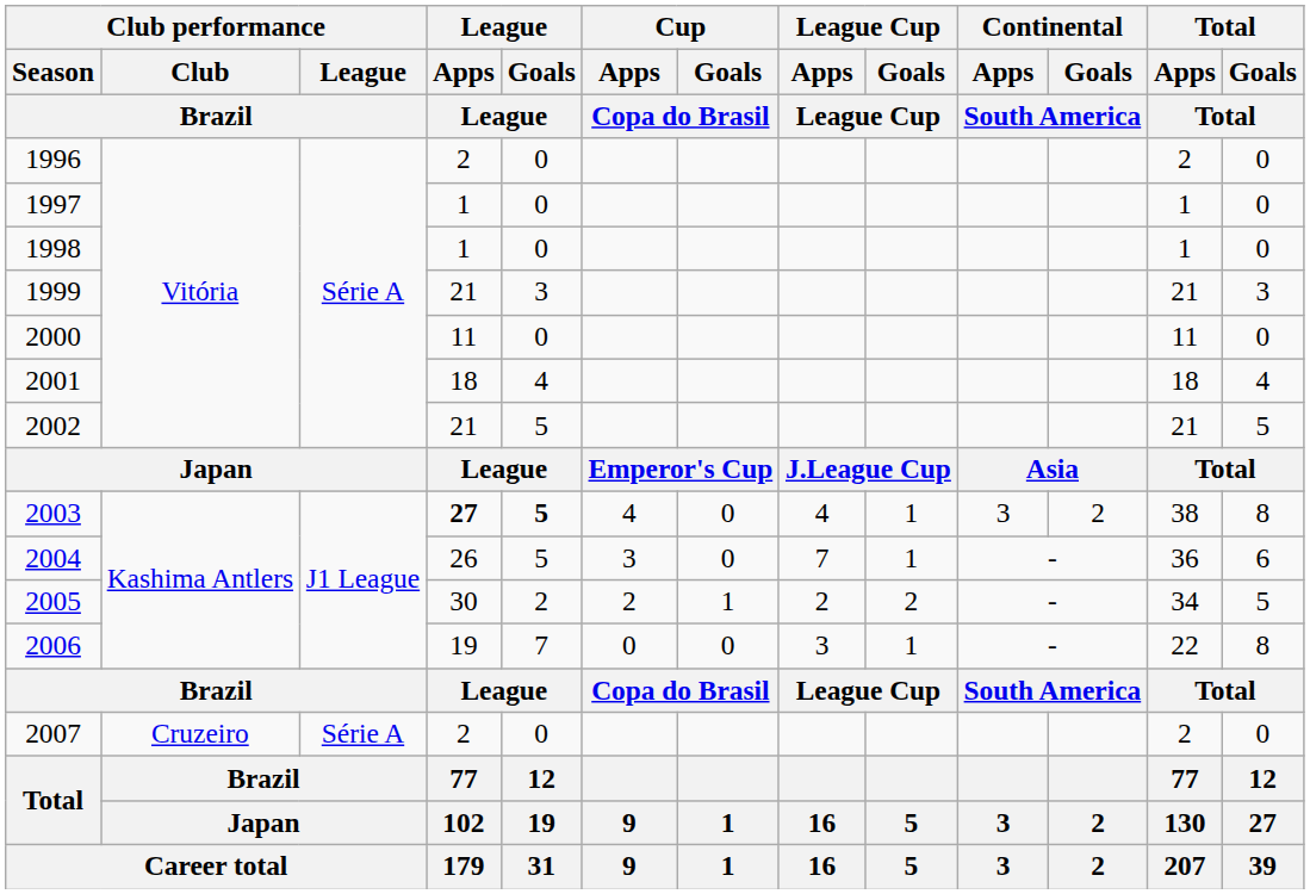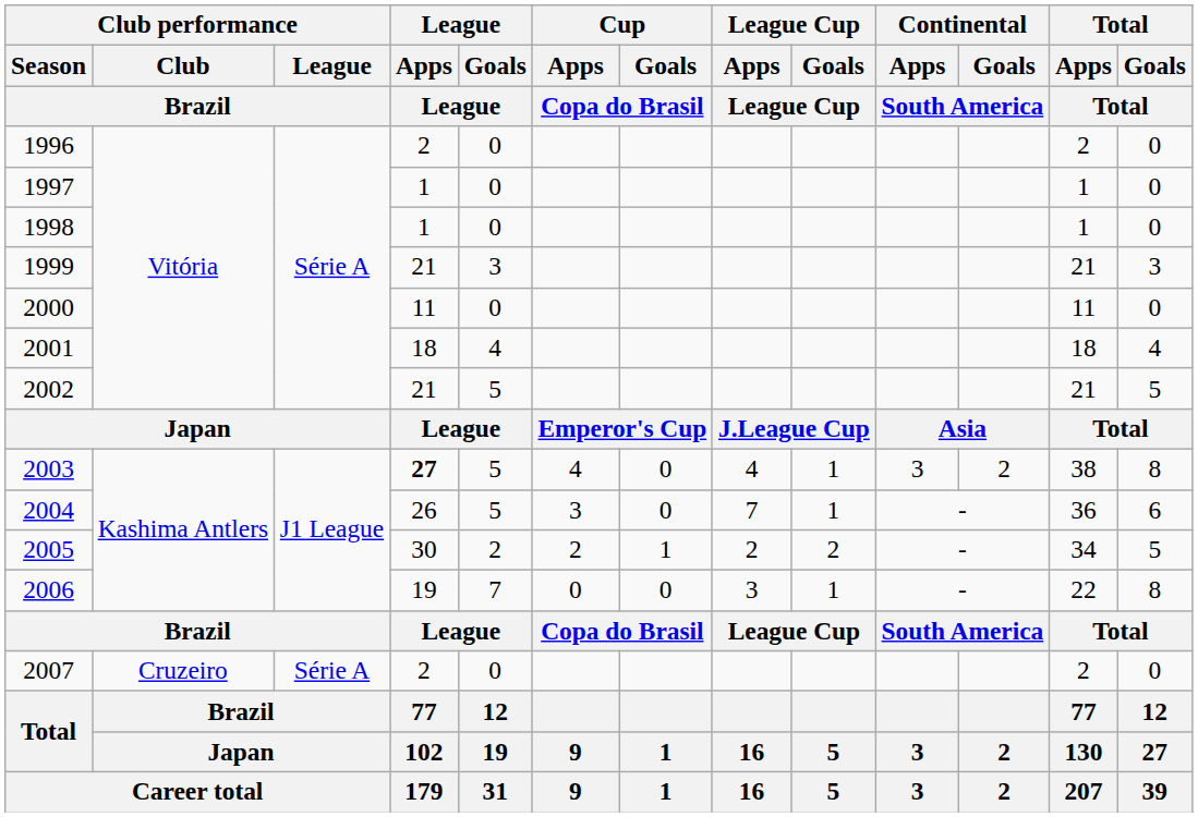 <table class="wikitable" style="text-align:center">
 <tr>
 <th colspan=3>Club performance</th>
 <th colspan=2>League</th>
 <th colspan=2>Cup</th>
 <th colspan=2>League Cup</th>
 <th colspan=2>Continental</th>
 <th colspan=2>Total</th>
 </tr>
 <tr>
 <th>Season</th>
 <th>Club</th>
 <th>League</th>
 <th>Apps</th>
 <th>Goals</th>
 <th>Apps</th>
 <th>Goals</th>
 <th>Apps</th>
 <th>Goals</th>
 <th>Apps</th>
 <th>Goals</th>
 <th>Apps</th>
 <th>Goals</th>
 </tr>
 <tr>
 <th colspan=3>Brazil</th>
 <th colspan=2>League</th>
 <th colspan=2><a href='#'>Copa do Brasil</a></th>
 <th colspan=2>League Cup</th>
 <th colspan=2><a href='#'>South America</a></th>
 <th colspan=2>Total</th>
 </tr>
 <tr>
 <td>1996</td>
 <td rowspan="7"><a href='#'>Vitória</a></td>
 <td rowspan="7"><a href='#'>Série A</a></td>
 <td>2</td>
 <td>0</td>
 <td></td>
 <td></td>
 <td></td>
 <td></td>
 <td></td>
 <td></td>
 <td>2</td>
 <td>0</td>
 </tr>
 <tr>
 <td>1997</td>
 <td>1</td>
 <td>0</td>
 <td></td>
 <td></td>
 <td></td>
 <td></td>
 <td></td>
 <td></td>
 <td>1</td>
 <td>0</td>
 </tr>
 <tr>
 <td>1998</td>
 <td>1</td>
 <td>0</td>
 <td></td>
 <td></td>
 <td></td>
 <td></td>
 <td></td>
 <td></td>
 <td>1</td>
 <td>0</td>
 </tr>
 <tr>
 <td>1999</td>
 <td>21</td>
 <td>3</td>
 <td></td>
 <td></td>
 <td></td>
 <td></td>
 <td></td>
 <td></td>
 <td>21</td>
 <td>3</td>
 </tr>
 <tr>
 <td>2000</td>
 <td>11</td>
 <td>0</td>
 <td></td>
 <td></td>
 <td></td>
 <td></td>
 <td></td>
 <td></td>
 <td>11</td>
 <td>0</td>
 </tr>
 <tr>
 <td>2001</td>
 <td>18</td>
 <td>4</td>
 <td></td>
 <td></td>
 <td></td>
 <td></td>
 <td></td>
 <td></td>
 <td>18</td>
 <td>4</td>
 </tr>
 <tr>
 <td>2002</td>
 <td>21</td>
 <td>5</td>
 <td></td>
 <td></td>
 <td></td>
 <td></td>
 <td></td>
 <td></td>
 <td>21</td>
 <td>5</td>
 </tr>
 <tr>
 <th colspan=3>Japan</th>
 <th colspan=2>League</th>
 <th colspan=2><a href='#'>Emperor's Cup</a></th>
 <th colspan=2><a href='#'>J.League Cup</a></th>
 <th colspan=2><a href='#'>Asia</a></th>
 <th colspan=2>Total</th>
 </tr>
 <tr>
 <td><a href='#'>2003</a></td>
 <td rowspan="4"><a href='#'>Kashima Antlers</a></td>
 <td rowspan="4"><a href='#'>J1 League</a></td>
 <td><strong>27</strong></td>
-<td><strong>5</strong></td>
+<td>5</td>
 <td>4</td>
 <td>0</td>
 <td>4</td>
 <td>1</td>
 <td>3</td>
 <td>2</td>
 <td>38</td>
 <td>8</td>
 </tr>
 <tr>
 <td><a href='#'>2004</a></td>
 <td>26</td>
 <td>5</td>
 <td>3</td>
 <td>0</td>
 <td>7</td>
 <td>1</td>
 <td colspan="2">-</td>
 <td>36</td>
 <td>6</td>
 </tr>
 <tr>
 <td><a href='#'>2005</a></td>
 <td>30</td>
 <td>2</td>
 <td>2</td>
 <td>1</td>
 <td>2</td>
 <td>2</td>
 <td colspan="2">-</td>
 <td>34</td>
 <td>5</td>
 </tr>
 <tr>
 <td><a href='#'>2006</a></td>
 <td>19</td>
 <td>7</td>
 <td>0</td>
 <td>0</td>
 <td>3</td>
 <td>1</td>
 <td colspan="2">-</td>
 <td>22</td>
 <td>8</td>
 </tr>
 <tr>
 <th colspan=3>Brazil</th>
 <th colspan=2>League</th>
 <th colspan=2><a href='#'>Copa do Brasil</a></th>
 <th colspan=2>League Cup</th>
 <th colspan=2><a href='#'>South America</a></th>
 <th colspan=2>Total</th>
 </tr>
 <tr>
 <td>2007</td>
 <td><a href='#'>Cruzeiro</a></td>
 <td><a href='#'>Série A</a></td>
 <td>2</td>
 <td>0</td>
 <td></td>
 <td></td>
 <td></td>
 <td></td>
 <td></td>
 <td></td>
 <td>2</td>
 <td>0</td>
 </tr>
 <tr>
 <th rowspan=2>Total</th>
 <th colspan=2>Brazil</th>
 <th>77</th>
 <th>12</th>
 <th></th>
 <th></th>
 <th></th>
 <th></th>
 <th></th>
 <th></th>
 <th>77</th>
 <th>12</th>
 </tr>
 <tr>
 <th colspan=2>Japan</th>
 <th>102</th>
 <th>19</th>
 <th>9</th>
 <th>1</th>
 <th>16</th>
 <th>5</th>
 <th>3</th>
 <th>2</th>
 <th>130</th>
 <th>27</th>
 </tr>
 <tr>
 <th colspan=3>Career total</th>
 <th>179</th>
 <th>31</th>
 <th>9</th>
 <th>1</th>
 <th>16</th>
 <th>5</th>
 <th>3</th>
 <th>2</th>
 <th>207</th>
 <th>39</th>
 </tr>
 </table>
